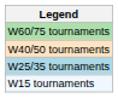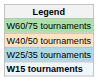 <table class=wikitable style="font-size:85%;">
 <tr>
 <th>Legend</th>
 </tr>
 <tr style="background:#addfad;">
 <td>W60/75 tournaments</td>
 </tr>
 <tr style="background:#ffe4c4;">
 <td>W40/50 tournaments</td>
 </tr>
 <tr style="background:lightblue;">
 <td>W25/35 tournaments</td>
 </tr>
 <tr style="background:#f0f8ff;">
-<td>W15 tournaments</td>
+<td><strong>W15 tournaments</strong></td>
 </tr>
 </table>
